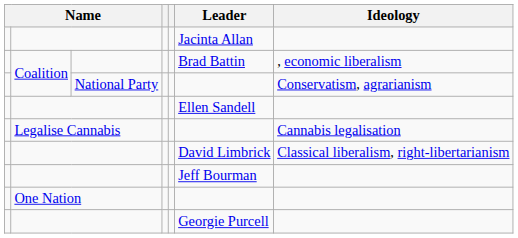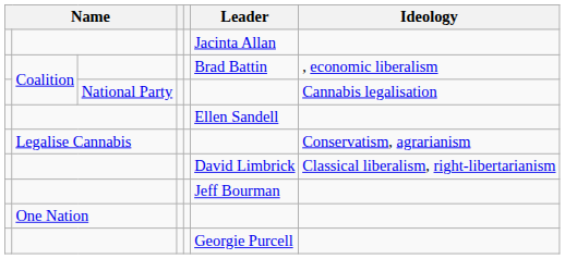 <table class="wikitable">
 <tr>
 <th colspan="3">Name</th>
 <th></th>
 <th></th>
 <th>Leader</th>
 <th>Ideology</th>
 </tr>
 <tr>
 <td></td>
 <td colspan="2"></td>
 <td></td>
 <td></td>
 <td><a href='#'>Jacinta Allan</a></td>
 <td></td>
 </tr>
 <tr>
 <td></td>
 <td rowspan="2"><a href='#'>Coalition</a></td>
 <td></td>
 <td></td>
 <td></td>
 <td><a href='#'>Brad Battin</a></td>
 <td>, <a href='#'>economic liberalism</a></td>
 </tr>
 <tr>
 <td></td>
 <td><a href='#'>National Party</a></td>
 <td></td>
 <td></td>
 <td></td>
-<td><a href='#'>Conservatism</a>, <a href='#'>agrarianism</a></td>
+<td><a href='#'>Cannabis legalisation</a></td>
 </tr>
 <tr>
 <td></td>
 <td colspan="2"></td>
 <td></td>
 <td></td>
 <td><a href='#'>Ellen Sandell</a></td>
 <td></td>
 </tr>
 <tr>
 <td></td>
 <td colspan="2"><a href='#'>Legalise Cannabis</a></td>
 <td></td>
 <td></td>
 <td></td>
-<td><a href='#'>Cannabis legalisation</a></td>
+<td><a href='#'>Conservatism</a>, <a href='#'>agrarianism</a></td>
 </tr>
 <tr>
 <td></td>
 <td colspan="2"></td>
 <td></td>
 <td></td>
 <td><a href='#'>David Limbrick</a></td>
 <td><a href='#'>Classical liberalism</a>, <a href='#'>right-libertarianism</a></td>
 </tr>
 <tr>
 <td></td>
 <td colspan="2"></td>
 <td></td>
 <td></td>
 <td><a href='#'>Jeff Bourman</a></td>
 <td></td>
 </tr>
 <tr>
 <td></td>
 <td colspan="2"><a href='#'>One Nation</a></td>
 <td></td>
 <td></td>
 <td></td>
 <td></td>
 </tr>
 <tr>
 <td></td>
 <td colspan="2"></td>
 <td></td>
 <td></td>
 <td><a href='#'>Georgie Purcell</a></td>
 <td></td>
 </tr>
 </table>
